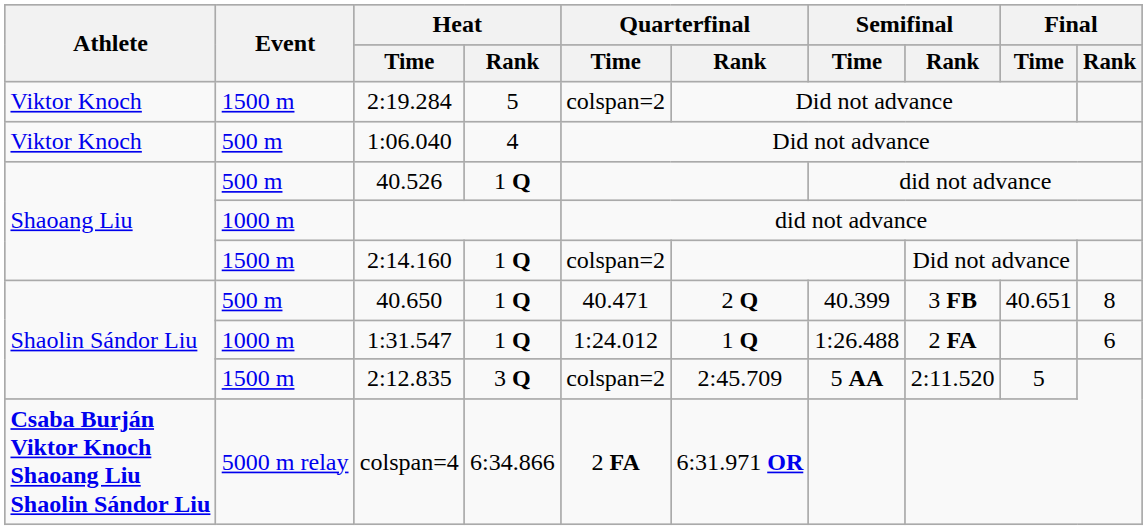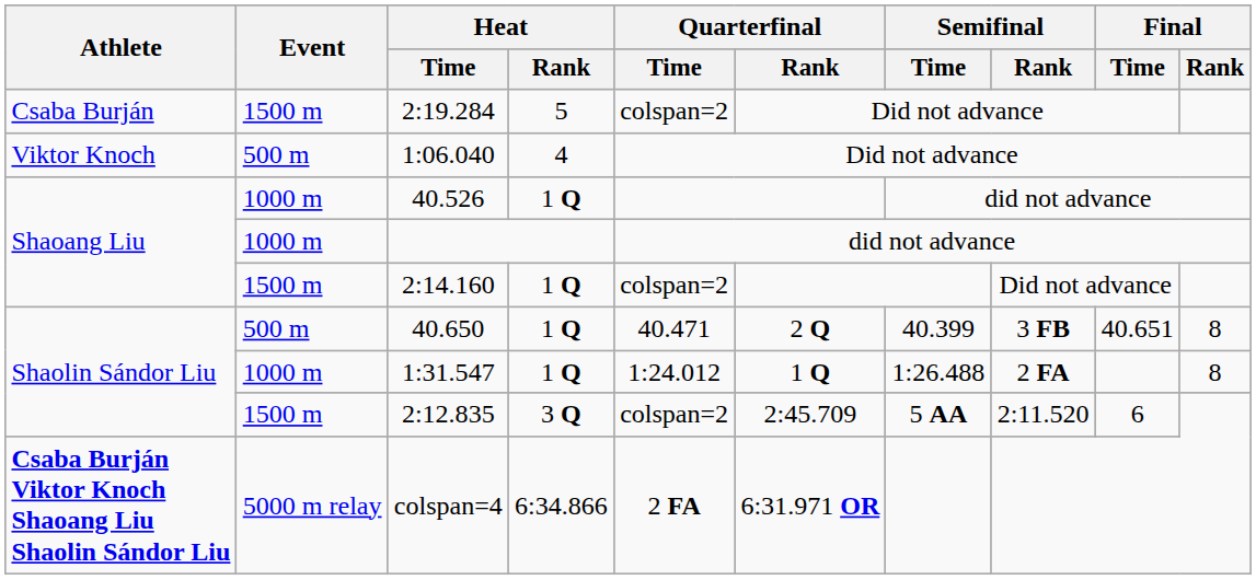 <table class="wikitable" style="font-size:90%">
 <tr>
 <th rowspan=2>Athlete</th>
 <th rowspan=2>Event</th>
 <th colspan=2>Heat</th>
 <th colspan=2>Quarterfinal</th>
 <th colspan=2>Semifinal</th>
 <th colspan=2>Final</th>
 </tr>
 <tr style="font-size:95%">
 <th>Time</th>
 <th>Rank</th>
 <th>Time</th>
 <th>Rank</th>
 <th>Time</th>
 <th>Rank</th>
 <th>Time</th>
 <th>Rank</th>
 </tr>
 <tr align=center>
-<td align=left><a href='#'>Viktor Knoch</a></td>
+<td align=left><a href='#'>Csaba Burján</a></td>
 <td align=left><a href='#'>1500 m</a></td>
 <td>2:19.284</td>
 <td>5</td>
 <td>colspan=2 </td>
 <td colspan=4>Did not advance</td>
 </tr>
 <tr align=center>
 <td align=left><a href='#'>Viktor Knoch</a></td>
 <td align=left><a href='#'>500 m</a></td>
 <td>1:06.040</td>
 <td>4</td>
 <td colspan=6>Did not advance</td>
 </tr>
 <tr align=center>
 <td align=left rowspan=3><a href='#'>Shaoang Liu</a></td>
-<td align=left><a href='#'>500 m</a></td>
+<td align=left><a href='#'>1000 m</a></td>
 <td>40.526</td>
 <td>1 <strong>Q</strong></td>
 <td colspan=2></td>
 <td colspan=4>did not advance</td>
 </tr>
 <tr align=center>
 <td align=left><a href='#'>1000 m</a></td>
 <td colspan=2></td>
 <td colspan=6>did not advance</td>
 </tr>
 <tr align=center>
 <td align=left><a href='#'>1500 m</a></td>
 <td>2:14.160</td>
 <td>1 <strong>Q</strong></td>
 <td>colspan=2 </td>
 <td colspan=2></td>
 <td colspan=2>Did not advance</td>
 </tr>
 <tr align=center>
 <td align=left rowspan=3><a href='#'>Shaolin Sándor Liu</a></td>
 <td align=left><a href='#'>500 m</a></td>
 <td>40.650</td>
 <td>1 <strong>Q</strong></td>
 <td>40.471</td>
 <td>2 <strong>Q</strong></td>
 <td>40.399</td>
 <td>3 <strong>FB</strong></td>
 <td>40.651</td>
 <td>8</td>
 </tr>
 <tr align=center>
 <td align=left><a href='#'>1000 m</a></td>
 <td>1:31.547</td>
 <td>1 <strong>Q</strong></td>
 <td>1:24.012</td>
 <td>1 <strong>Q</strong></td>
 <td>1:26.488</td>
 <td>2 <strong>FA</strong></td>
 <td></td>
-<td>6</td>
+<td>8</td>
 </tr>
 <tr align=center>
 <td align=left><a href='#'>1500 m</a></td>
 <td>2:12.835</td>
 <td>3 <strong>Q</strong></td>
 <td>colspan=2 </td>
 <td>2:45.709</td>
 <td>5 <strong>AA</strong></td>
 <td>2:11.520</td>
-<td>5</td>
+<td>6</td>
 </tr>
 <tr align=center>
 <td align=left><strong><a href='#'>Csaba Burján</a><br><a href='#'>Viktor Knoch</a><br><a href='#'>Shaoang Liu</a><br><a href='#'>Shaolin Sándor Liu</a></strong></td>
 <td align=left><a href='#'>5000 m relay</a></td>
 <td>colspan=4 </td>
 <td>6:34.866</td>
 <td>2 <strong>FA</strong></td>
 <td>6:31.971 <strong><a href='#'>OR</a></strong></td>
 <td></td>
 </tr>
 </table>
